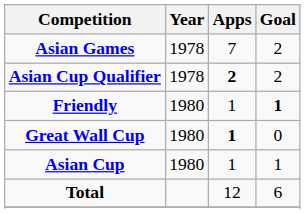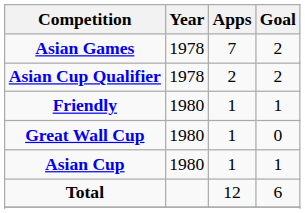 <table class="wikitable" style="font-size:90%; text-align: center;">
 <tr>
 <th>Competition</th>
 <th>Year</th>
 <th>Apps</th>
 <th>Goal</th>
 </tr>
 <tr>
 <td rowspan=1><strong><a href='#'>Asian Games</a></strong></td>
 <td>1978</td>
 <td>7</td>
 <td>2</td>
 </tr>
 <tr>
 <td rowspan=1><strong><a href='#'>Asian Cup Qualifier</a></strong></td>
 <td>1978</td>
-<td><strong>2</strong></td>
+<td>2</td>
 <td>2</td>
 </tr>
 <tr>
 <td rowspan=1><strong><a href='#'>Friendly</a></strong></td>
 <td>1980</td>
 <td>1</td>
-<td><strong>1</strong></td>
+<td>1</td>
 </tr>
 <tr>
 <td rowspan=1><strong><a href='#'>Great Wall Cup</a></strong></td>
 <td>1980</td>
-<td><strong>1</strong></td>
+<td>1</td>
 <td>0</td>
 </tr>
 <tr>
 <td rowspan=1><strong><a href='#'>Asian Cup</a></strong></td>
 <td>1980</td>
 <td>1</td>
 <td>1</td>
 </tr>
 <tr>
 <td rowspan=1><strong>Total</strong></td>
 <td></td>
 <td>12</td>
 <td>6</td>
 </tr>
 <tr>
 </tr>
 <tr>
 </tr>
 </table>
